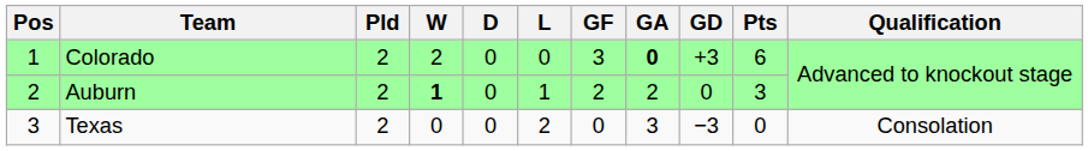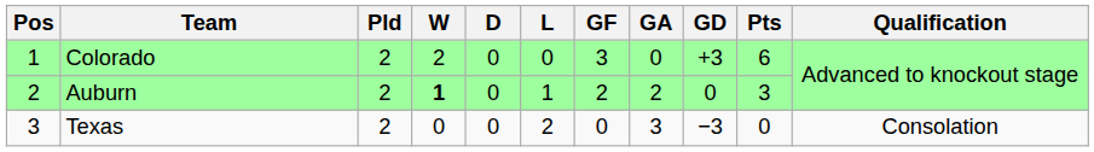 <table class="wikitable" style="text-align:center; margin: 1em auto">
 <tr>
 <th style="width:2em">Pos</th>
 <th style="width:13em">Team</th>
 <th style="width:2em">Pld</th>
 <th style="width:2em">W</th>
 <th style="width:2em">D</th>
 <th style="width:2em">L</th>
 <th style="width:2em">GF</th>
 <th style="width:2em">GA</th>
 <th style="width:2em">GD</th>
 <th style="width:2em">Pts</th>
 <th style="width:13em">Qualification</th>
 </tr>
 <tr bgcolor="#9eff9e">
 <td>1</td>
 <td style="text-align:left">Colorado</td>
 <td>2</td>
 <td>2</td>
 <td>0</td>
 <td>0</td>
 <td>3</td>
-<td><strong>0</strong></td>
+<td>0</td>
 <td>+3</td>
 <td>6</td>
 <td rowspan="2">Advanced to knockout stage</td>
 </tr>
 <tr bgcolor="#9eff9e">
 <td>2</td>
 <td style="text-align:left">Auburn</td>
 <td>2</td>
 <td><strong>1</strong></td>
 <td>0</td>
 <td>1</td>
 <td>2</td>
 <td>2</td>
 <td>0</td>
 <td>3</td>
 </tr>
 <tr>
 <td>3</td>
 <td style="text-align:left">Texas</td>
 <td>2</td>
 <td>0</td>
 <td>0</td>
 <td>2</td>
 <td>0</td>
 <td>3</td>
 <td>−3</td>
 <td>0</td>
 <td>Consolation</td>
 </tr>
 </table>
